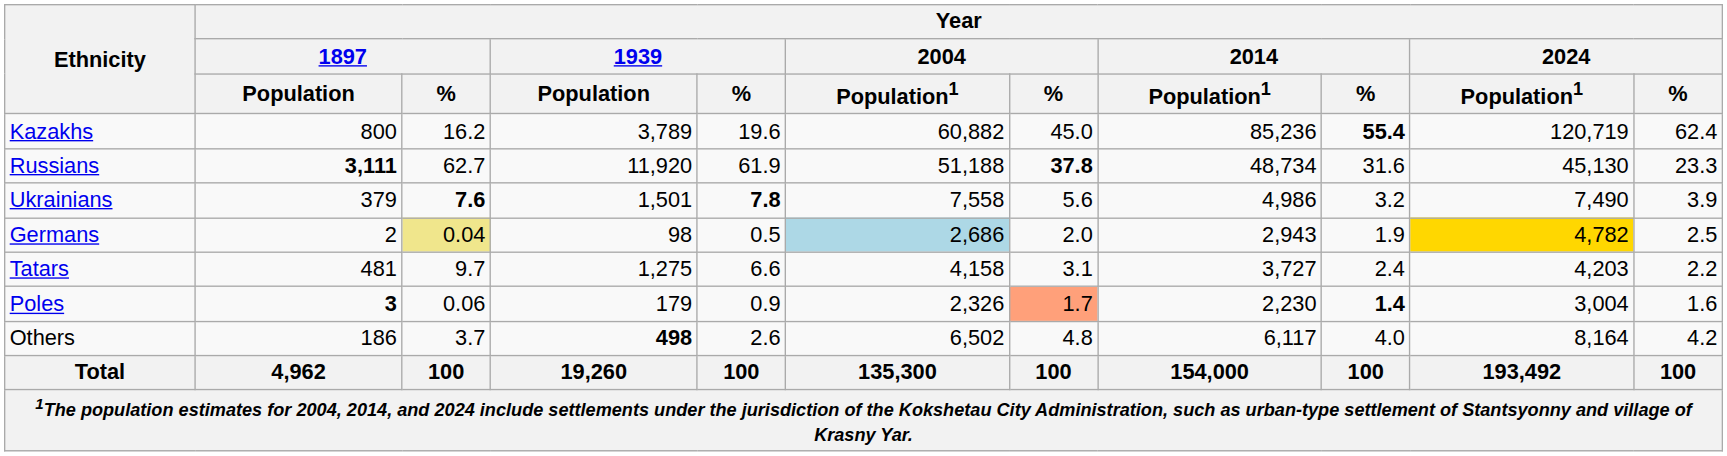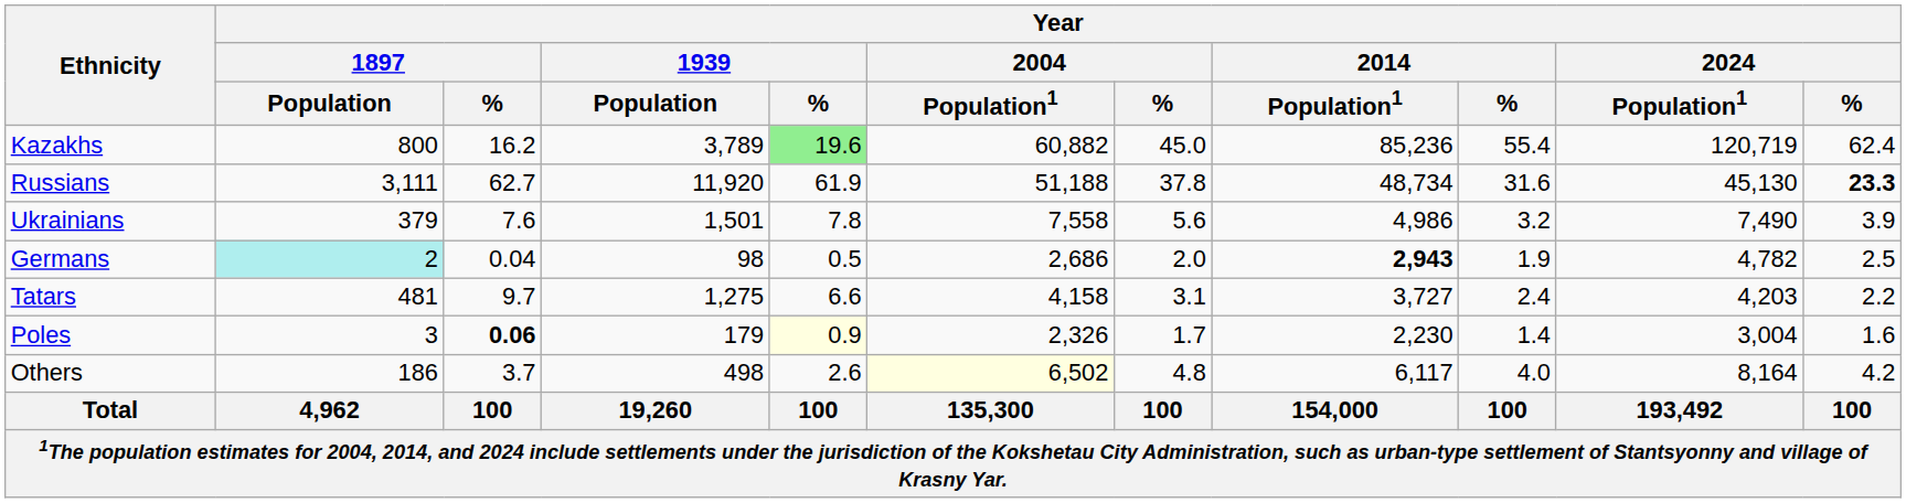 <table class="wikitable" style="margin:0; border:none; text-align:right;">
 <tr>
 <th rowspan="3">Ethnicity</th>
 <th colspan="16">Year</th>
 </tr>
 <tr>
 <th colspan="2"><a href='#'>1897</a></th>
 <th colspan="2"><a href='#'>1939</a></th>
 <th colspan="2">2004</th>
 <th colspan="2">2014</th>
 <th colspan="2">2024</th>
 </tr>
 <tr>
 <th>Population</th>
 <th>%</th>
 <th>Population</th>
 <th>%</th>
 <th>Population<sup>1</sup></th>
 <th>%</th>
 <th>Population<sup>1</sup></th>
 <th>%</th>
 <th>Population<sup>1</sup></th>
 <th>%</th>
 </tr>
 <tr>
 <td style="text-align:left;"><a href='#'>Kazakhs</a></td>
 <td>800</td>
 <td>16.2</td>
 <td>3,789</td>
-<td>19.6</td>
+<td style="background: lightgreen;">19.6</td>
 <td>60,882</td>
 <td>45.0</td>
 <td>85,236</td>
-<td><strong>55.4</strong></td>
+<td>55.4</td>
 <td>120,719</td>
 <td>62.4</td>
 </tr>
 <tr>
 <td style="text-align:left;"><a href='#'>Russians</a></td>
-<td><strong>3,111</strong></td>
+<td>3,111</td>
 <td>62.7</td>
 <td>11,920</td>
 <td>61.9</td>
 <td>51,188</td>
-<td><strong>37.8</strong></td>
+<td>37.8</td>
 <td>48,734</td>
 <td>31.6</td>
 <td>45,130</td>
-<td>23.3</td>
+<td><strong>23.3</strong></td>
 </tr>
 <tr>
 <td style="text-align:left;"><a href='#'>Ukrainians</a></td>
 <td>379</td>
-<td><strong>7.6</strong></td>
+<td>7.6</td>
 <td>1,501</td>
-<td><strong>7.8</strong></td>
+<td>7.8</td>
 <td>7,558</td>
 <td>5.6</td>
 <td>4,986</td>
 <td>3.2</td>
 <td>7,490</td>
 <td>3.9</td>
 </tr>
 <tr>
 <td style="text-align:left;"><a href='#'>Germans</a></td>
-<td>2</td>
-<td style="background: khaki;">0.04</td>
+<td style="background: paleturquoise;">2</td>
+<td>0.04</td>
 <td>98</td>
 <td>0.5</td>
-<td style="background: lightblue;">2,686</td>
+<td>2,686</td>
 <td>2.0</td>
-<td>2,943</td>
+<td><strong>2,943</strong></td>
 <td>1.9</td>
-<td style="background: gold;">4,782</td>
+<td>4,782</td>
 <td>2.5</td>
 </tr>
 <tr>
 <td style="text-align:left;"><a href='#'>Tatars</a></td>
 <td>481</td>
 <td>9.7</td>
 <td>1,275</td>
 <td>6.6</td>
 <td>4,158</td>
 <td>3.1</td>
 <td>3,727</td>
 <td>2.4</td>
 <td>4,203</td>
 <td>2.2</td>
 </tr>
 <tr>
 <td style="text-align:left;"><a href='#'>Poles</a></td>
-<td><strong>3</strong></td>
-<td>0.06</td>
+<td>3</td>
+<td><strong>0.06</strong></td>
 <td>179</td>
-<td>0.9</td>
+<td style="background: lightyellow;">0.9</td>
 <td>2,326</td>
-<td style="background: lightsalmon;">1.7</td>
+<td>1.7</td>
 <td>2,230</td>
-<td><strong>1.4</strong></td>
+<td>1.4</td>
 <td>3,004</td>
 <td>1.6</td>
 </tr>
 <tr>
 <td style="text-align:left;">Others</td>
 <td>186</td>
 <td>3.7</td>
-<td><strong>498</strong></td>
+<td>498</td>
 <td>2.6</td>
-<td>6,502</td>
+<td style="background: lightyellow;">6,502</td>
 <td>4.8</td>
 <td>6,117</td>
 <td>4.0</td>
 <td>8,164</td>
 <td>4.2</td>
 </tr>
 <tr>
 <th>Total</th>
 <th>4,962</th>
 <th>100</th>
 <th>19,260</th>
 <th>100</th>
 <th>135,300</th>
 <th>100</th>
 <th>154,000</th>
 <th>100</th>
 <th>193,492</th>
 <th>100</th>
 </tr>
 <tr>
 <th colspan="17"><small><sup><em>1</em></sup><em>The population estimates for 2004, 2014, and 2024 include settlements under the jurisdiction of the Kokshetau City Administration, such as urban-type settlement of Stantsyonny and village of Krasny Yar.</em></small></th>
 </tr>
 </table>
